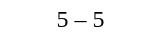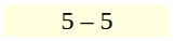 <table style="text-align:center">
 <tr>
 <th width=200></th>
 <th width=100></th>
 <th width=200></th>
 </tr>
 <tr>
 <td align=right><strong></strong></td>
-<td>5 – 5</td>
+<td style="background: lightyellow;">5 – 5</td>
 <td align=left><strong></strong></td>
 </tr>
 </table>
